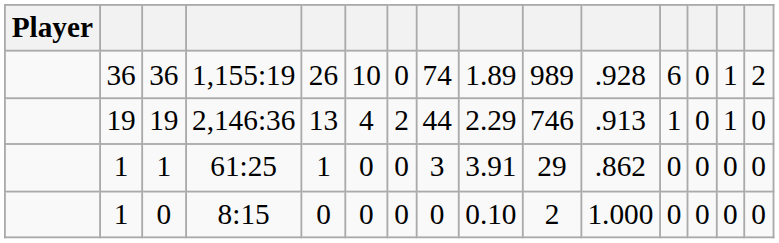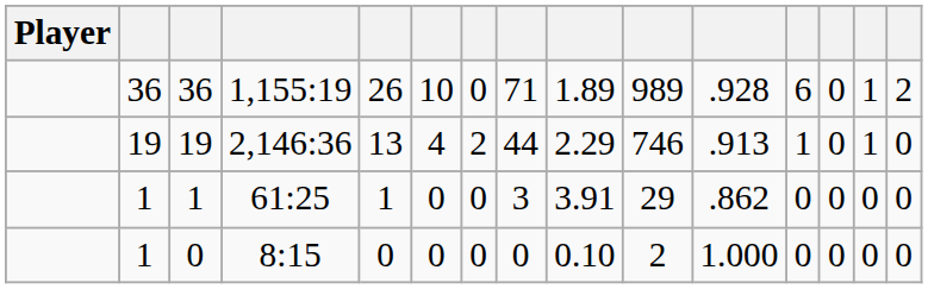 <table class="wikitable sortable" style="text-align:center;">
 <tr>
 <th>Player</th>
 <th></th>
 <th></th>
 <th></th>
 <th></th>
 <th></th>
 <th></th>
 <th></th>
 <th></th>
 <th></th>
 <th></th>
 <th></th>
 <th></th>
 <th></th>
 <th></th>
 </tr>
 <tr>
 <td></td>
 <td>36</td>
 <td>36</td>
 <td>1,155:19</td>
 <td>26</td>
 <td>10</td>
 <td>0</td>
-<td>74</td>
+<td>71</td>
 <td>1.89</td>
 <td>989</td>
 <td>.928</td>
 <td>6</td>
 <td>0</td>
 <td>1</td>
 <td>2</td>
 </tr>
 <tr>
 <td></td>
 <td>19</td>
 <td>19</td>
 <td>2,146:36</td>
 <td>13</td>
 <td>4</td>
 <td>2</td>
 <td>44</td>
 <td>2.29</td>
 <td>746</td>
 <td>.913</td>
 <td>1</td>
 <td>0</td>
 <td>1</td>
 <td>0</td>
 </tr>
 <tr>
 <td></td>
 <td>1</td>
 <td>1</td>
 <td>61:25</td>
 <td>1</td>
 <td>0</td>
 <td>0</td>
 <td>3</td>
 <td>3.91</td>
 <td>29</td>
 <td>.862</td>
 <td>0</td>
 <td>0</td>
 <td>0</td>
 <td>0</td>
 </tr>
 <tr>
 <td></td>
 <td>1</td>
 <td>0</td>
 <td>8:15</td>
 <td>0</td>
 <td>0</td>
 <td>0</td>
 <td>0</td>
 <td>0.10</td>
 <td>2</td>
 <td>1.000</td>
 <td>0</td>
 <td>0</td>
 <td>0</td>
 <td>0</td>
 </tr>
 </table>
